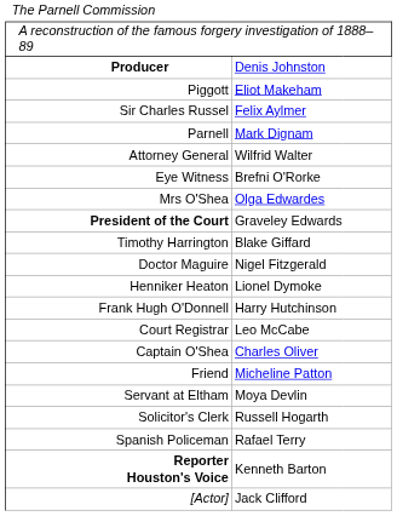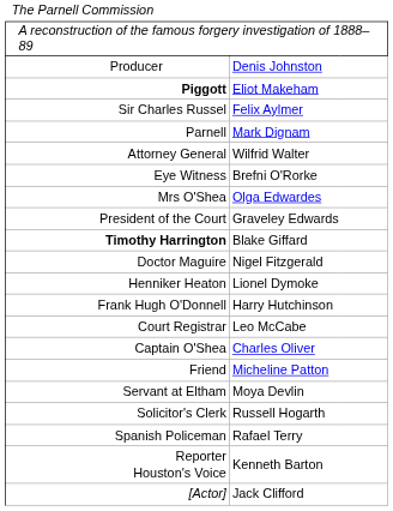 <table class="wikitable mw-collapsible mw-collapsed" style="vertical-align:top;margin:auto 2em;line-height:1.2;max-width:33em;background-color:inherit;border:none;">
 <tr>
 <td class=unsortable style="border:hidden;line-height:1.67;margin-left:-1em;text-align:center;padding-left:0.5em;min-width:1.0em;"></td>
 <td class=unsortable style="border-style:none;padding-left:0.5em;text-align:left;min-width:16.5em;font-weight:400;font-style:italic;">The Parnell Commission</td>
 <td class=unsortable style="border-style:none;text-align:right;font-weight:normal; font-size:95%; min-width:8.5em;padding-right:0.2em;"></td>
 <td class=unsortable style="border-style:none;min-width:3.5em;padding-left:0;"></td>
 <td class=unsortable style="border:hidden;min-width:3.5em;font-size:95%;"></td>
 </tr>
 <tr>
 <td rowspan=100 style="border:none thin;border-right-style :solid;"></td>
 <td colspan=3 style="text-align:left;padding:0.1em 1em;font-style:italic;border: solid thin;">A reconstruction of the famous forgery investigation of 1888–89</td>
 </tr>
 <tr>
-<td style="text-align:left;padding-left:8em"><strong>Producer</strong></td>
+<td style="text-align:left;padding-left:8em">Producer</td>
 <td colspan=2><a href='#'>Denis Johnston</a></td>
 </tr>
 <tr>
-<td style="text-align:right;">Piggott</td>
+<td style="text-align:right;"><strong>Piggott</strong></td>
 <td colspan=2><a href='#'>Eliot Makeham</a></td>
 </tr>
 <tr>
 <td style="text-align:right;">Sir Charles Russel</td>
 <td colspan=2><a href='#'>Felix Aylmer</a></td>
 </tr>
 <tr>
 <td style="text-align:right;">Parnell</td>
 <td colspan=2><a href='#'>Mark Dignam</a></td>
 </tr>
 <tr>
 <td style="text-align:right;">Attorney General</td>
 <td colspan=2>Wilfrid Walter</td>
 </tr>
 <tr>
 <td style="text-align:right;">Eye Witness</td>
 <td colspan=2>Brefni O'Rorke</td>
 </tr>
 <tr>
 <td style="text-align:right;">Mrs O'Shea</td>
 <td colspan=2><a href='#'>Olga Edwardes</a></td>
 </tr>
 <tr>
-<td style="text-align:right;"><strong>President of the Court</strong></td>
+<td style="text-align:right;">President of the Court</td>
 <td colspan=2>Graveley Edwards</td>
 </tr>
 <tr>
-<td style="text-align:right;">Timothy Harrington</td>
+<td style="text-align:right;"><strong>Timothy Harrington</strong></td>
 <td colspan=2>Blake Giffard</td>
 </tr>
 <tr>
 <td style="text-align:right;">Doctor Maguire</td>
 <td colspan=2>Nigel Fitzgerald</td>
 </tr>
 <tr>
 <td style="text-align:right;">Henniker Heaton</td>
 <td colspan=2>Lionel Dymoke</td>
 </tr>
 <tr>
 <td style="text-align:right;">Frank Hugh O'Donnell</td>
 <td colspan=2>Harry Hutchinson</td>
 </tr>
 <tr>
 <td style="text-align:right;">Court Registrar</td>
 <td colspan=2>Leo McCabe</td>
 </tr>
 <tr>
 <td style="text-align:right;">Captain O'Shea</td>
 <td colspan=2><a href='#'>Charles Oliver</a></td>
 </tr>
 <tr>
 <td style="text-align:right;">Friend</td>
 <td colspan=2><a href='#'>Micheline Patton</a></td>
 </tr>
 <tr>
 <td style="text-align:right;">Servant at Eltham</td>
 <td colspan=2>Moya Devlin</td>
 </tr>
 <tr>
 <td style="text-align:right;">Solicitor's Clerk</td>
 <td colspan=2>Russell Hogarth</td>
 </tr>
 <tr>
 <td style="text-align:right;">Spanish Policeman</td>
 <td colspan=2>Rafael Terry</td>
 </tr>
 <tr>
-<td style="text-align:right;"><strong>Reporter<br>Houston's Voice</strong></td>
+<td style="text-align:right;">Reporter<br>Houston's Voice</td>
 <td colspan=2>Kenneth Barton</td>
 </tr>
 <tr>
 <td style="text-align:right;"><em>[Actor]</em></td>
 <td colspan=2>Jack Clifford</td>
 </tr>
 </table>
